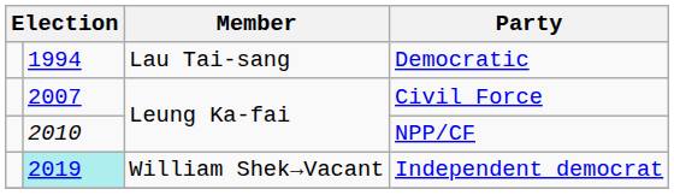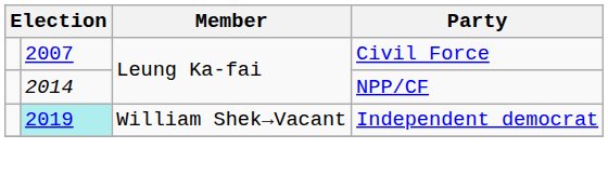 <table class="wikitable">
 <tr>
 <th colspan="2">Election</th>
 <th>Member</th>
 <th>Party</th>
-</tr>
-<tr>
-<td style="color:inherit;background:"></td>
-<td><a href='#'>1994</a></td>
-<td>Lau Tai-sang</td>
-<td><a href='#'>Democratic</a></td>
 </tr>
 <tr>
 <td style="color:inherit;background:"></td>
 <td><a href='#'>2007</a></td>
 <td rowspan=2>Leung Ka-fai</td>
 <td><a href='#'>Civil Force</a></td>
 </tr>
 <tr>
 <td style="color:inherit;background:"></td>
-<td><em>2010</em></td>
+<td><em>2014</em></td>
 <td><a href='#'>NPP/CF</a></td>
 </tr>
 <tr>
 <td style="color:inherit;background:"></td>
 <td style="background: paleturquoise;"><a href='#'>2019</a></td>
 <td>William Shek→Vacant</td>
 <td><a href='#'>Independent democrat</a></td>
 </tr>
 <tr>
 </tr>
 </table>
